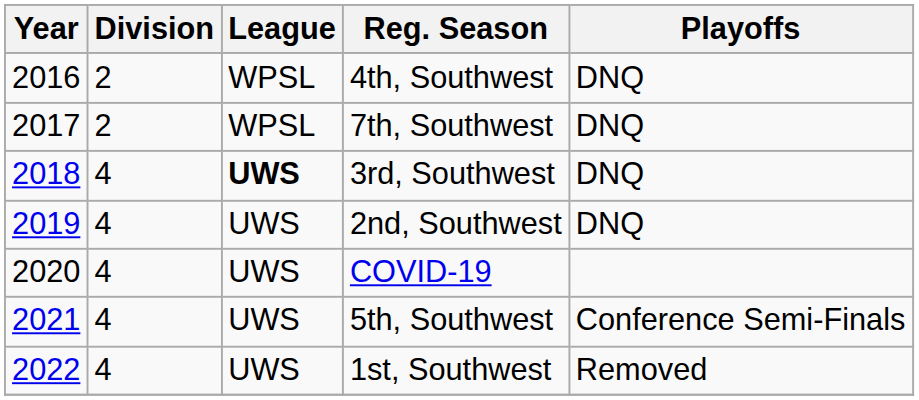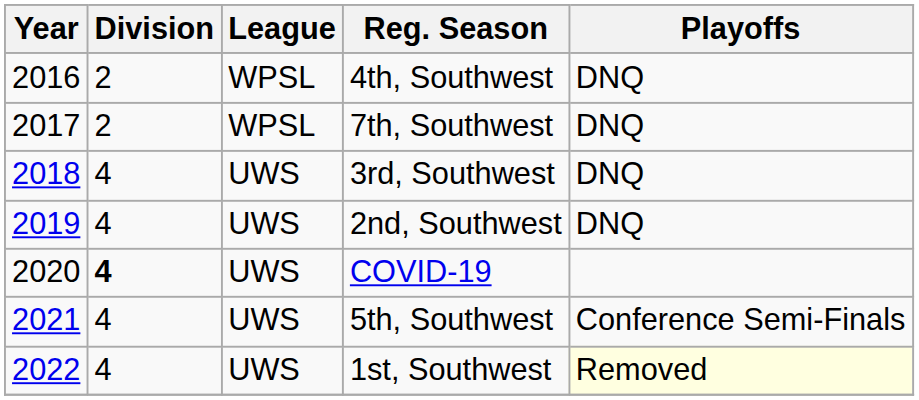 <table class="wikitable">
 <tr>
 <th>Year</th>
 <th>Division</th>
 <th>League</th>
 <th>Reg. Season</th>
 <th>Playoffs</th>
 </tr>
 <tr>
 <td>2016</td>
 <td>2</td>
 <td>WPSL</td>
 <td>4th, Southwest</td>
 <td>DNQ</td>
 </tr>
 <tr>
 <td>2017</td>
 <td>2</td>
 <td>WPSL</td>
 <td>7th, Southwest</td>
 <td>DNQ</td>
 </tr>
 <tr>
 <td><a href='#'>2018</a></td>
 <td>4</td>
-<td><strong>UWS</strong></td>
+<td>UWS</td>
 <td>3rd, Southwest</td>
 <td>DNQ</td>
 </tr>
 <tr>
 <td><a href='#'>2019</a></td>
 <td>4</td>
 <td>UWS</td>
 <td>2nd, Southwest</td>
 <td>DNQ</td>
 </tr>
 <tr>
 <td>2020</td>
-<td>4</td>
+<td><strong>4</strong></td>
 <td>UWS</td>
 <td><a href='#'>COVID-19</a></td>
 <td></td>
 </tr>
 <tr>
 <td><a href='#'>2021</a></td>
 <td>4</td>
 <td>UWS</td>
 <td>5th, Southwest</td>
 <td>Conference Semi-Finals</td>
 </tr>
 <tr>
 <td><a href='#'>2022</a></td>
 <td>4</td>
 <td>UWS</td>
 <td>1st, Southwest</td>
-<td>Removed</td>
+<td style="background: lightyellow;">Removed</td>
 </tr>
 <tr>
 </tr>
 </table>
